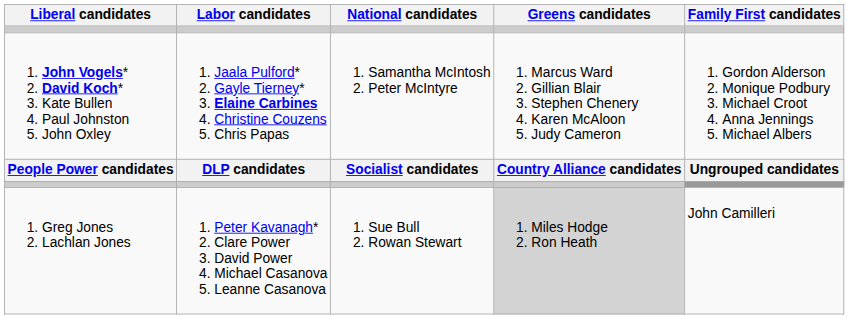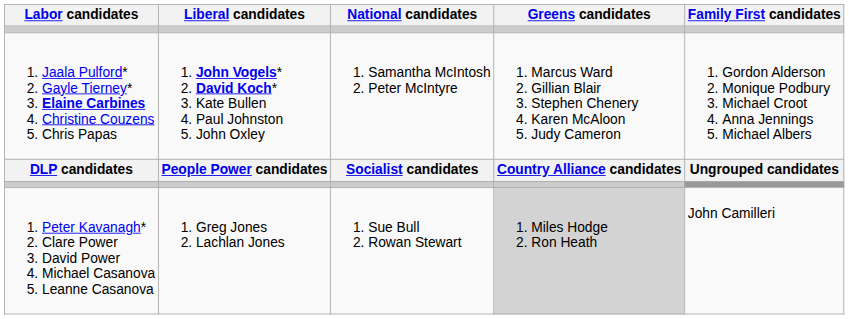 <table class="wikitable">
 <tr>
+<th><a href='#'>Labor</a> candidates</th>
 <th><a href='#'>Liberal</a> candidates</th>
-<th><a href='#'>Labor</a> candidates</th>
 <th><a href='#'>National</a> candidates</th>
 <th><a href='#'>Greens</a> candidates</th>
 <th><a href='#'>Family First</a> candidates</th>
 </tr>
 <tr bgcolor="#cccccc">
 <td></td>
 <td></td>
 <td></td>
 <td></td>
 <td></td>
 </tr>
 <tr>
+<td><br><ol><li><a href='#'>Jaala Pulford</a>*</li><li><a href='#'>Gayle Tierney</a>*</li><li><strong><a href='#'>Elaine Carbines</a></strong></li><li><a href='#'>Christine Couzens</a></li><li>Chris Papas</li></ol></td>
 <td><br><ol><li><strong><a href='#'>John Vogels</a></strong>*</li><li><strong><a href='#'>David Koch</a></strong>*</li><li>Kate Bullen</li><li>Paul Johnston</li><li>John Oxley</li></ol></td>
-<td><br><ol><li><a href='#'>Jaala Pulford</a>*</li><li><a href='#'>Gayle Tierney</a>*</li><li><strong><a href='#'>Elaine Carbines</a></strong></li><li><a href='#'>Christine Couzens</a></li><li>Chris Papas</li></ol></td>
 <td valign=top><br><ol><li>Samantha McIntosh</li><li>Peter McIntyre</li></ol></td>
 <td valign=top><br><ol><li>Marcus Ward</li><li>Gillian Blair</li><li>Stephen Chenery</li><li>Karen McAloon</li><li>Judy Cameron</li></ol></td>
 <td valign=top><br><ol><li>Gordon Alderson</li><li>Monique Podbury</li><li>Michael Croot</li><li>Anna Jennings</li><li>Michael Albers</li></ol></td>
 </tr>
 <tr bgcolor="#cccccc">
+<th><a href='#'>DLP</a> candidates</th>
 <th><a href='#'>People Power</a> candidates</th>
-<th><a href='#'>DLP</a> candidates</th>
 <th><a href='#'>Socialist</a> candidates</th>
 <th><a href='#'>Country Alliance</a> candidates</th>
 <th>Ungrouped candidates</th>
 </tr>
 <tr bgcolor="#cccccc">
 <td></td>
 <td></td>
 <td></td>
 <td></td>
 <td bgcolor="#999999"></td>
 </tr>
 <tr>
+<td><br><ol><li><a href='#'>Peter Kavanagh</a>*</li><li>Clare Power</li><li>David Power</li><li>Michael Casanova</li><li>Leanne Casanova</li></ol></td>
 <td valign=top><br><ol><li>Greg Jones</li><li>Lachlan Jones</li></ol></td>
-<td><br><ol><li><a href='#'>Peter Kavanagh</a>*</li><li>Clare Power</li><li>David Power</li><li>Michael Casanova</li><li>Leanne Casanova</li></ol></td>
 <td valign=top><br><ol><li>Sue Bull</li><li>Rowan Stewart</li></ol></td>
 <td valign=top style="background: lightgrey;"><br><ol><li>Miles Hodge</li><li>Ron Heath</li></ol></td>
 <td valign=top><br>John Camilleri</td>
 </tr>
 </table>
